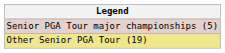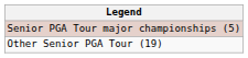 <table class="wikitable" style="font-size:95%;">
 <tr>
 <th>Legend</th>
 </tr>
 <tr style="background:#e5d1cb;">
 <td>Senior PGA Tour major championships (5)</td>
 </tr>
 <tr>
-<td style="background: khaki;">Other Senior PGA Tour (19)</td>
+<td>Other Senior PGA Tour (19)</td>
 </tr>
 </table>
